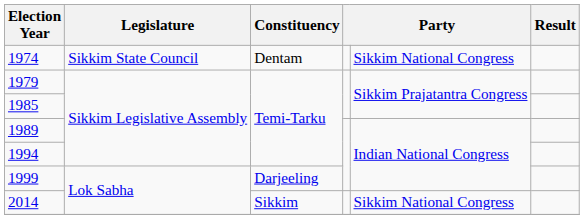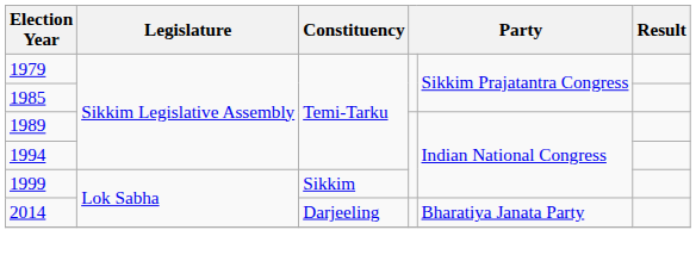 <table class="wikitable sortable">
 <tr>
 <th>Election<br>Year</th>
 <th>Legislature</th>
 <th>Constituency</th>
 <th colspan=2>Party</th>
 <th>Result</th>
-</tr>
-<tr>
-<td><a href='#'>1974</a></td>
-<td><a href='#'>Sikkim State Council</a></td>
-<td>Dentam</td>
-<td style="background-color: "></td>
-<td><a href='#'>Sikkim National Congress</a></td>
-<td></td>
 </tr>
 <tr>
 <td><a href='#'>1979</a></td>
 <td rowspan=4><a href='#'>Sikkim Legislative Assembly</a></td>
 <td rowspan=4><a href='#'>Temi-Tarku</a></td>
 <td rowspan=2 style="background-color: "></td>
 <td rowspan=2><a href='#'>Sikkim Prajatantra Congress</a></td>
 <td></td>
 </tr>
 <tr>
 <td><a href='#'>1985</a></td>
 <td></td>
 </tr>
 <tr>
 <td><a href='#'>1989</a></td>
 <td rowspan=3 style="background-color: "></td>
 <td rowspan=3><a href='#'>Indian National Congress</a></td>
 <td></td>
 </tr>
 <tr>
 <td><a href='#'>1994</a></td>
 <td></td>
 </tr>
 <tr>
 <td><a href='#'>1999</a></td>
 <td rowspan=2><a href='#'>Lok Sabha</a></td>
-<td><a href='#'>Darjeeling</a></td>
+<td><a href='#'>Sikkim</a></td>
 <td></td>
 </tr>
 <tr>
 <td><a href='#'>2014</a></td>
-<td><a href='#'>Sikkim</a></td>
+<td><a href='#'>Darjeeling</a></td>
 <td style="background-color: "></td>
-<td><a href='#'>Sikkim National Congress</a></td>
+<td><a href='#'>Bharatiya Janata Party</a></td>
 <td></td>
 </tr>
 <tr>
 </tr>
 </table>
